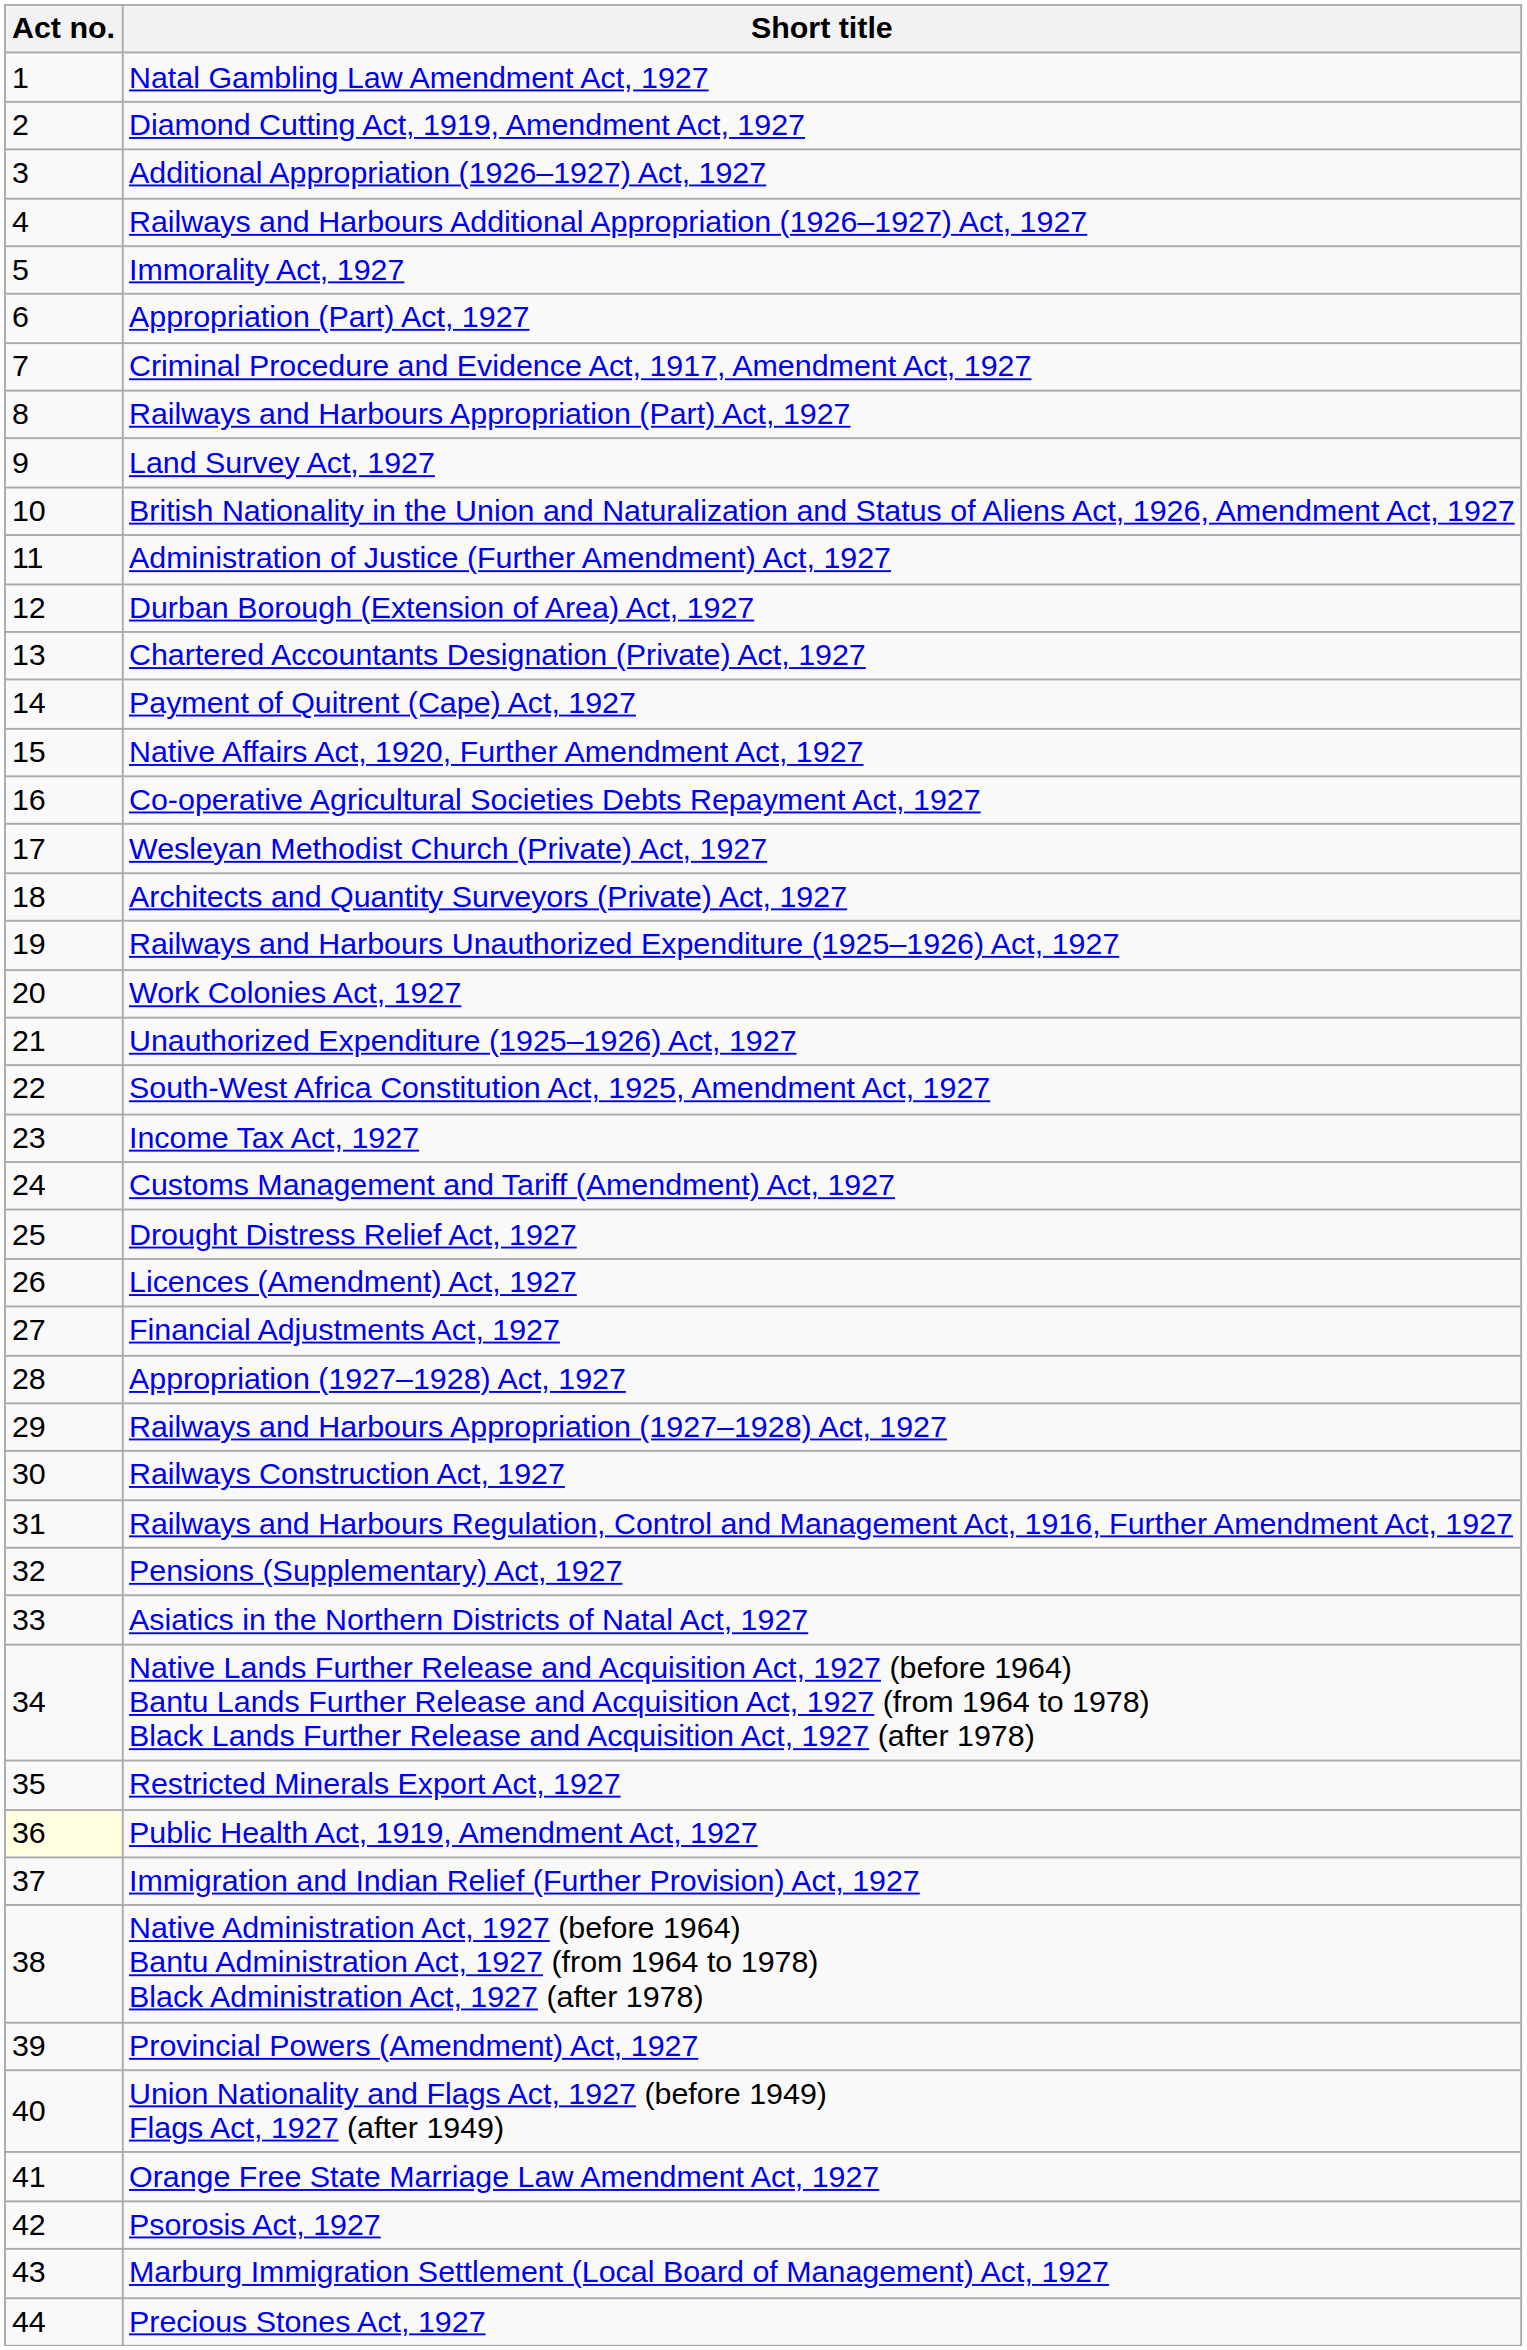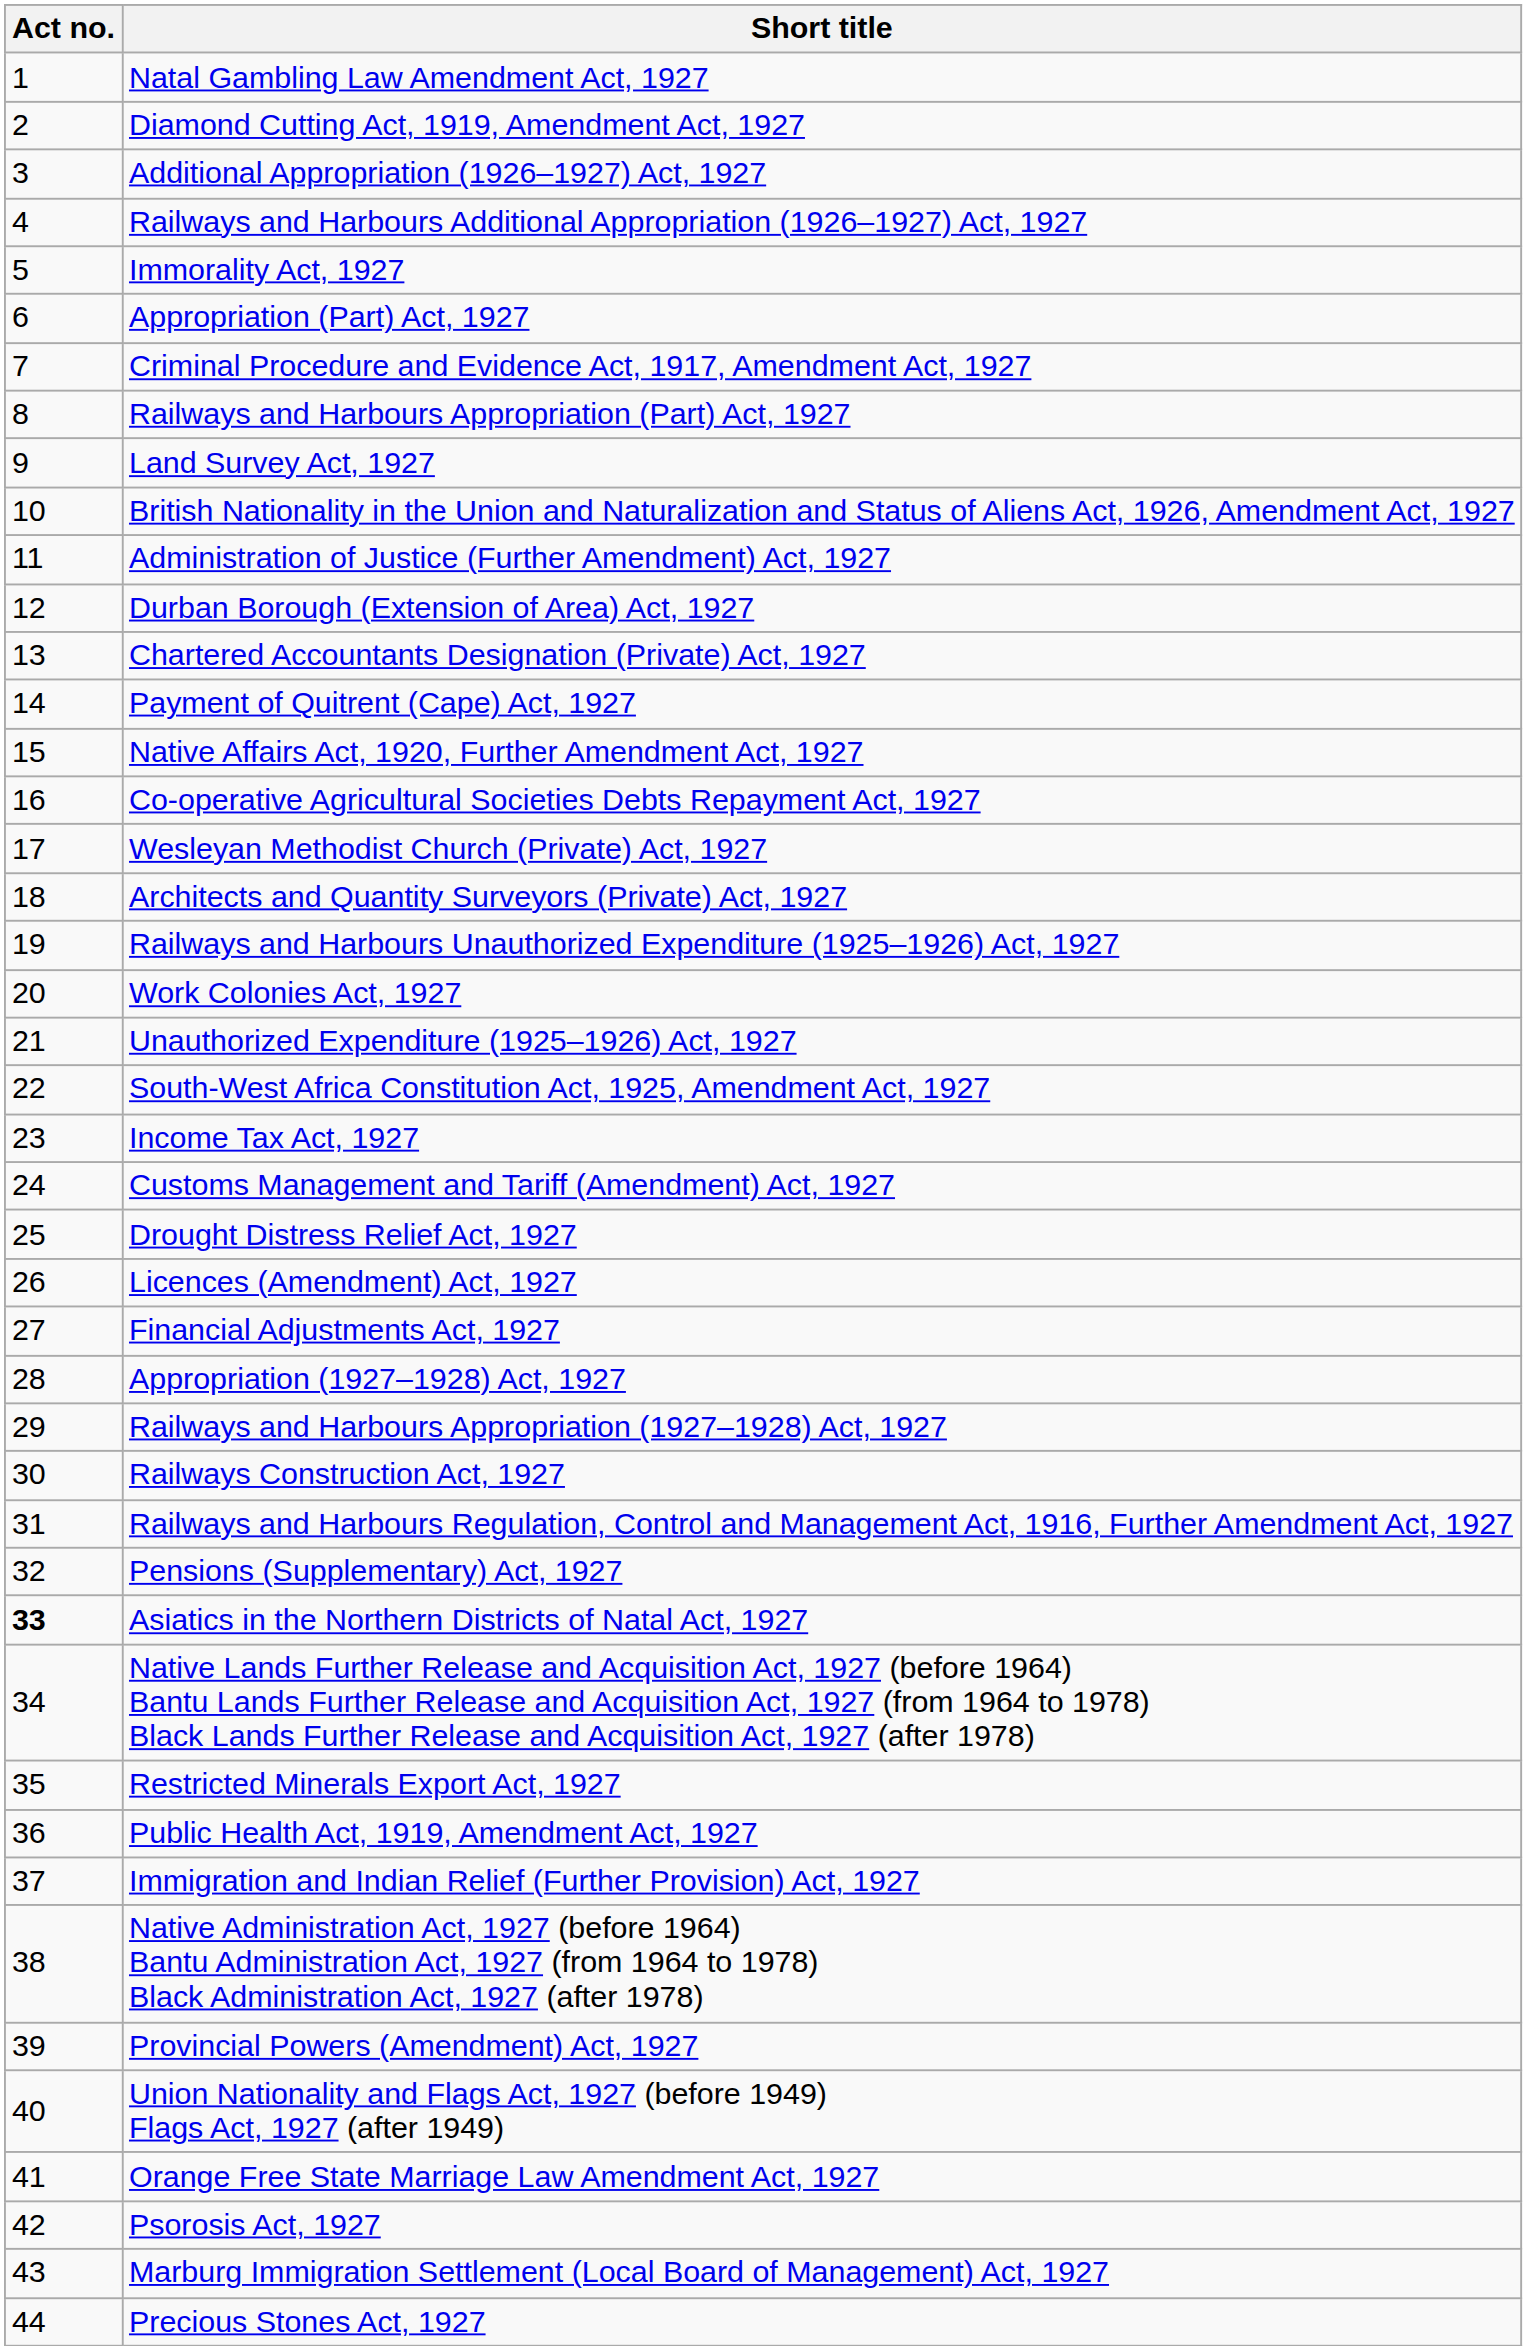 <table class="wikitable sortable">
 <tr>
 <th>Act no.</th>
 <th>Short title</th>
 </tr>
 <tr>
 <td>1</td>
 <td><a href='#'>Natal Gambling Law Amendment Act, 1927</a></td>
 </tr>
 <tr>
 <td>2</td>
 <td><a href='#'>Diamond Cutting Act, 1919, Amendment Act, 1927</a></td>
 </tr>
 <tr>
 <td>3</td>
 <td><a href='#'>Additional Appropriation (1926–1927) Act, 1927</a></td>
 </tr>
 <tr>
 <td>4</td>
 <td><a href='#'>Railways and Harbours Additional Appropriation (1926–1927) Act, 1927</a></td>
 </tr>
 <tr>
 <td>5</td>
 <td><a href='#'>Immorality Act, 1927</a></td>
 </tr>
 <tr>
 <td>6</td>
 <td><a href='#'>Appropriation (Part) Act, 1927</a></td>
 </tr>
 <tr>
 <td>7</td>
 <td><a href='#'>Criminal Procedure and Evidence Act, 1917, Amendment Act, 1927</a></td>
 </tr>
 <tr>
 <td>8</td>
 <td><a href='#'>Railways and Harbours Appropriation (Part) Act, 1927</a></td>
 </tr>
 <tr>
 <td>9</td>
 <td><a href='#'>Land Survey Act, 1927</a></td>
 </tr>
 <tr>
 <td>10</td>
 <td><a href='#'>British Nationality in the Union and Naturalization and Status of Aliens Act, 1926, Amendment Act, 1927</a></td>
 </tr>
 <tr>
 <td>11</td>
 <td><a href='#'>Administration of Justice (Further Amendment) Act, 1927</a></td>
 </tr>
 <tr>
 <td>12</td>
 <td><a href='#'>Durban Borough (Extension of Area) Act, 1927</a></td>
 </tr>
 <tr>
 <td>13</td>
 <td><a href='#'>Chartered Accountants Designation (Private) Act, 1927</a></td>
 </tr>
 <tr>
 <td>14</td>
 <td><a href='#'>Payment of Quitrent (Cape) Act, 1927</a></td>
 </tr>
 <tr>
 <td>15</td>
 <td><a href='#'>Native Affairs Act, 1920, Further Amendment Act, 1927</a></td>
 </tr>
 <tr>
 <td>16</td>
 <td><a href='#'>Co-operative Agricultural Societies Debts Repayment Act, 1927</a></td>
 </tr>
 <tr>
 <td>17</td>
 <td><a href='#'>Wesleyan Methodist Church (Private) Act, 1927</a></td>
 </tr>
 <tr>
 <td>18</td>
 <td><a href='#'>Architects and Quantity Surveyors (Private) Act, 1927</a></td>
 </tr>
 <tr>
 <td>19</td>
 <td><a href='#'>Railways and Harbours Unauthorized Expenditure (1925–1926) Act, 1927</a></td>
 </tr>
 <tr>
 <td>20</td>
 <td><a href='#'>Work Colonies Act, 1927</a></td>
 </tr>
 <tr>
 <td>21</td>
 <td><a href='#'>Unauthorized Expenditure (1925–1926) Act, 1927</a></td>
 </tr>
 <tr>
 <td>22</td>
 <td><a href='#'>South-West Africa Constitution Act, 1925, Amendment Act, 1927</a></td>
 </tr>
 <tr>
 <td>23</td>
 <td><a href='#'>Income Tax Act, 1927</a></td>
 </tr>
 <tr>
 <td>24</td>
 <td><a href='#'>Customs Management and Tariff (Amendment) Act, 1927</a></td>
 </tr>
 <tr>
 <td>25</td>
 <td><a href='#'>Drought Distress Relief Act, 1927</a></td>
 </tr>
 <tr>
 <td>26</td>
 <td><a href='#'>Licences (Amendment) Act, 1927</a></td>
 </tr>
 <tr>
 <td>27</td>
 <td><a href='#'>Financial Adjustments Act, 1927</a></td>
 </tr>
 <tr>
 <td>28</td>
 <td><a href='#'>Appropriation (1927–1928) Act, 1927</a></td>
 </tr>
 <tr>
 <td>29</td>
 <td><a href='#'>Railways and Harbours Appropriation (1927–1928) Act, 1927</a></td>
 </tr>
 <tr>
 <td>30</td>
 <td><a href='#'>Railways Construction Act, 1927</a></td>
 </tr>
 <tr>
 <td>31</td>
 <td><a href='#'>Railways and Harbours Regulation, Control and Management Act, 1916, Further Amendment Act, 1927</a></td>
 </tr>
 <tr>
 <td>32</td>
 <td><a href='#'>Pensions (Supplementary) Act, 1927</a></td>
 </tr>
 <tr>
-<td>33</td>
+<td><strong>33</strong></td>
 <td><a href='#'>Asiatics in the Northern Districts of Natal Act, 1927</a></td>
 </tr>
 <tr>
 <td>34</td>
 <td><a href='#'>Native Lands Further Release and Acquisition Act, 1927</a> (before 1964) <br><a href='#'>Bantu Lands Further Release and Acquisition Act, 1927</a> (from 1964 to 1978) <br><a href='#'>Black Lands Further Release and Acquisition Act, 1927</a> (after 1978)</td>
 </tr>
 <tr>
 <td>35</td>
 <td><a href='#'>Restricted Minerals Export Act, 1927</a></td>
 </tr>
 <tr>
-<td style="background: lightyellow;">36</td>
+<td>36</td>
 <td><a href='#'>Public Health Act, 1919, Amendment Act, 1927</a></td>
 </tr>
 <tr>
 <td>37</td>
 <td><a href='#'>Immigration and Indian Relief (Further Provision) Act, 1927</a></td>
 </tr>
 <tr>
 <td>38</td>
 <td><a href='#'>Native Administration Act, 1927</a> (before 1964) <br><a href='#'>Bantu Administration Act, 1927</a> (from 1964 to 1978) <br><a href='#'>Black Administration Act, 1927</a> (after 1978)</td>
 </tr>
 <tr>
 <td>39</td>
 <td><a href='#'>Provincial Powers (Amendment) Act, 1927</a></td>
 </tr>
 <tr>
 <td>40</td>
 <td><a href='#'>Union Nationality and Flags Act, 1927</a> (before 1949) <br><a href='#'>Flags Act, 1927</a> (after 1949)</td>
 </tr>
 <tr>
 <td>41</td>
 <td><a href='#'>Orange Free State Marriage Law Amendment Act, 1927</a></td>
 </tr>
 <tr>
 <td>42</td>
 <td><a href='#'>Psorosis Act, 1927</a></td>
 </tr>
 <tr>
 <td>43</td>
 <td><a href='#'>Marburg Immigration Settlement (Local Board of Management) Act, 1927</a></td>
 </tr>
 <tr>
 <td>44</td>
 <td><a href='#'>Precious Stones Act, 1927</a></td>
 </tr>
 </table>
